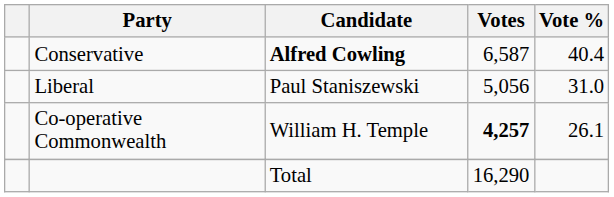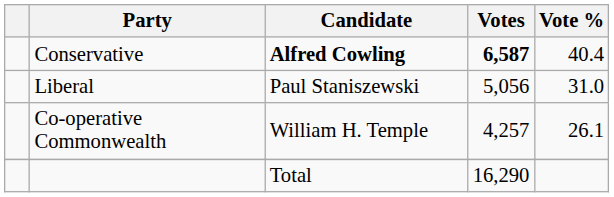 <table class="wikitable">
 <tr>
 <th></th>
 <th scope="col" width="175">Party</th>
 <th scope="col" width="150">Candidate</th>
 <th>Votes</th>
 <th>Vote %</th>
 </tr>
 <tr>
 <td>   </td>
 <td>Conservative</td>
 <td><strong>Alfred Cowling</strong></td>
-<td align=right>6,587</td>
+<td align=right><strong>6,587</strong></td>
 <td align=right>40.4</td>
 </tr>
 <tr>
 <td>   </td>
 <td>Liberal</td>
 <td>Paul Staniszewski</td>
 <td align=right>5,056</td>
 <td align=right>31.0</td>
 </tr>
 <tr>
 <td>   </td>
 <td>Co-operative Commonwealth</td>
 <td>William H. Temple</td>
-<td align=right><strong>4,257</strong></td>
+<td align=right>4,257</td>
 <td align=right>26.1</td>
 </tr>
 <tr>
 </tr>
 <tr>
 <td></td>
 <td></td>
 <td>Total</td>
 <td align=right>16,290</td>
 <td></td>
 </tr>
 </table>
